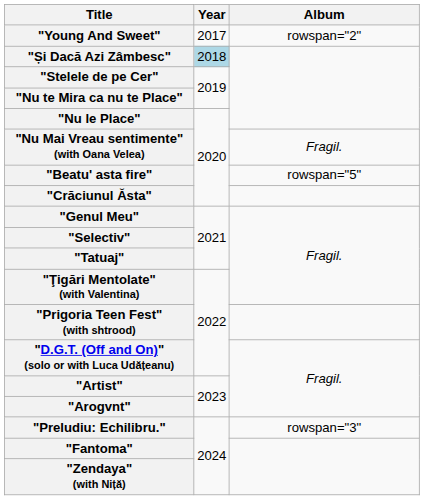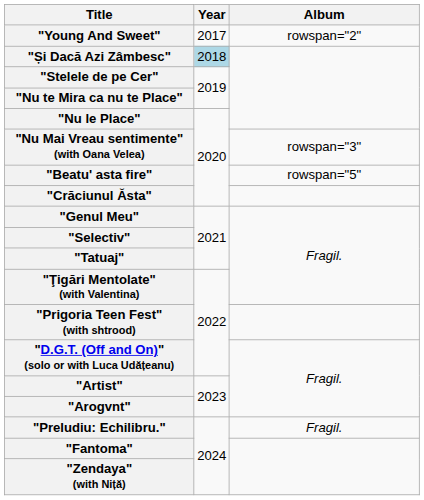 <table class="wikitable plainrowheaders" style="text-align:center;">
 <tr>
 <th scope="col" style="width:14em;">Title</th>
 <th scope="col" style="width:1em;">Year</th>
 <th scope="col" style="width:14em;">Album</th>
 </tr>
 <tr>
 <th ! scope="row">"Young And Sweet"</th>
 <td>2017</td>
 <td>rowspan="2" </td>
 </tr>
 <tr>
 <th ! scope="row">"Și Dacă Azi Zâmbesc"</th>
 <td style="background: lightblue;">2018</td>
 </tr>
 <tr>
 <th scope="row">"Stelele de pe Cer"</th>
 <td rowspan="2">2019</td>
 </tr>
 <tr>
 <th scope="row">"Nu te Mira ca nu te Place"</th>
 </tr>
 <tr>
 <th scope="row">"Nu le Place"</th>
 <td rowspan="4">2020</td>
 </tr>
 <tr>
 <th scope="row">"Nu Mai Vreau sentimente" <br> <small>(with Oana Velea)</small></th>
-<td><em>Fragil.</em></td>
+<td>rowspan="3" </td>
 </tr>
 <tr>
 <th scope="row">"Beatu' asta fire"</th>
 <td>rowspan="5" </td>
 </tr>
 <tr>
 <th scope="row">"Crăciunul Ăsta"</th>
 </tr>
 <tr>
 <th scope="row">"Genul Meu"</th>
 <td rowspan="3">2021</td>
 <td rowspan="4"><em>Fragil.</em></td>
 </tr>
 <tr>
 <th scope="row">"Selectiv"</th>
 </tr>
 <tr>
 <th scope="row">"Tatuaj"</th>
 </tr>
 <tr>
 <th scope="row">"Ţigări Mentolate" <br><small>(with Valentina)</small></th>
 <td rowspan="3">2022</td>
 </tr>
 <tr>
 <th scope="row">"Prigoria Teen Fest" <br><small>(with shtrood)</small></th>
 <td></td>
 </tr>
 <tr>
 <th scope="row">"<a href='#'>D.G.T. (Off and On)</a>" <br><small>(solo or with Luca Udățeanu)</small></th>
 <td rowspan="3"><em>Fragil.</em></td>
 </tr>
 <tr>
 <th scope="row">"Artist"</th>
 <td rowspan="2">2023</td>
 </tr>
 <tr>
 <th scope="row">"Arogvnt"</th>
 </tr>
 <tr>
 <th scope="row">"Preludiu: Echilibru."</th>
 <td rowspan="3">2024</td>
-<td>rowspan="3" </td>
+<td><em>Fragil.</em></td>
 </tr>
 <tr>
 <th scope="row">"Fantoma"</th>
 </tr>
 <tr>
 <th scope="row">"Zendaya" <br><small>(with Niță)</small></th>
 </tr>
 </table>
